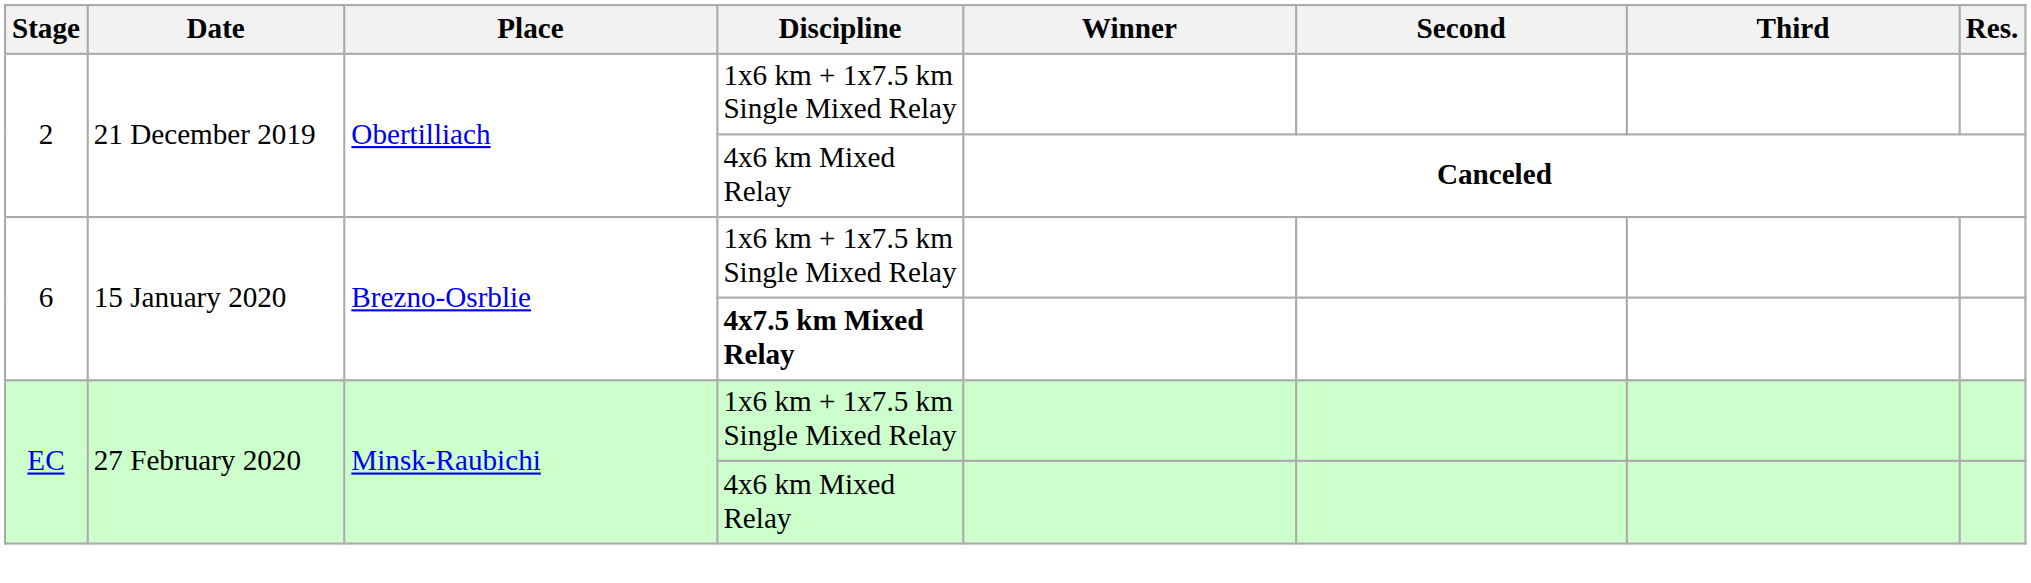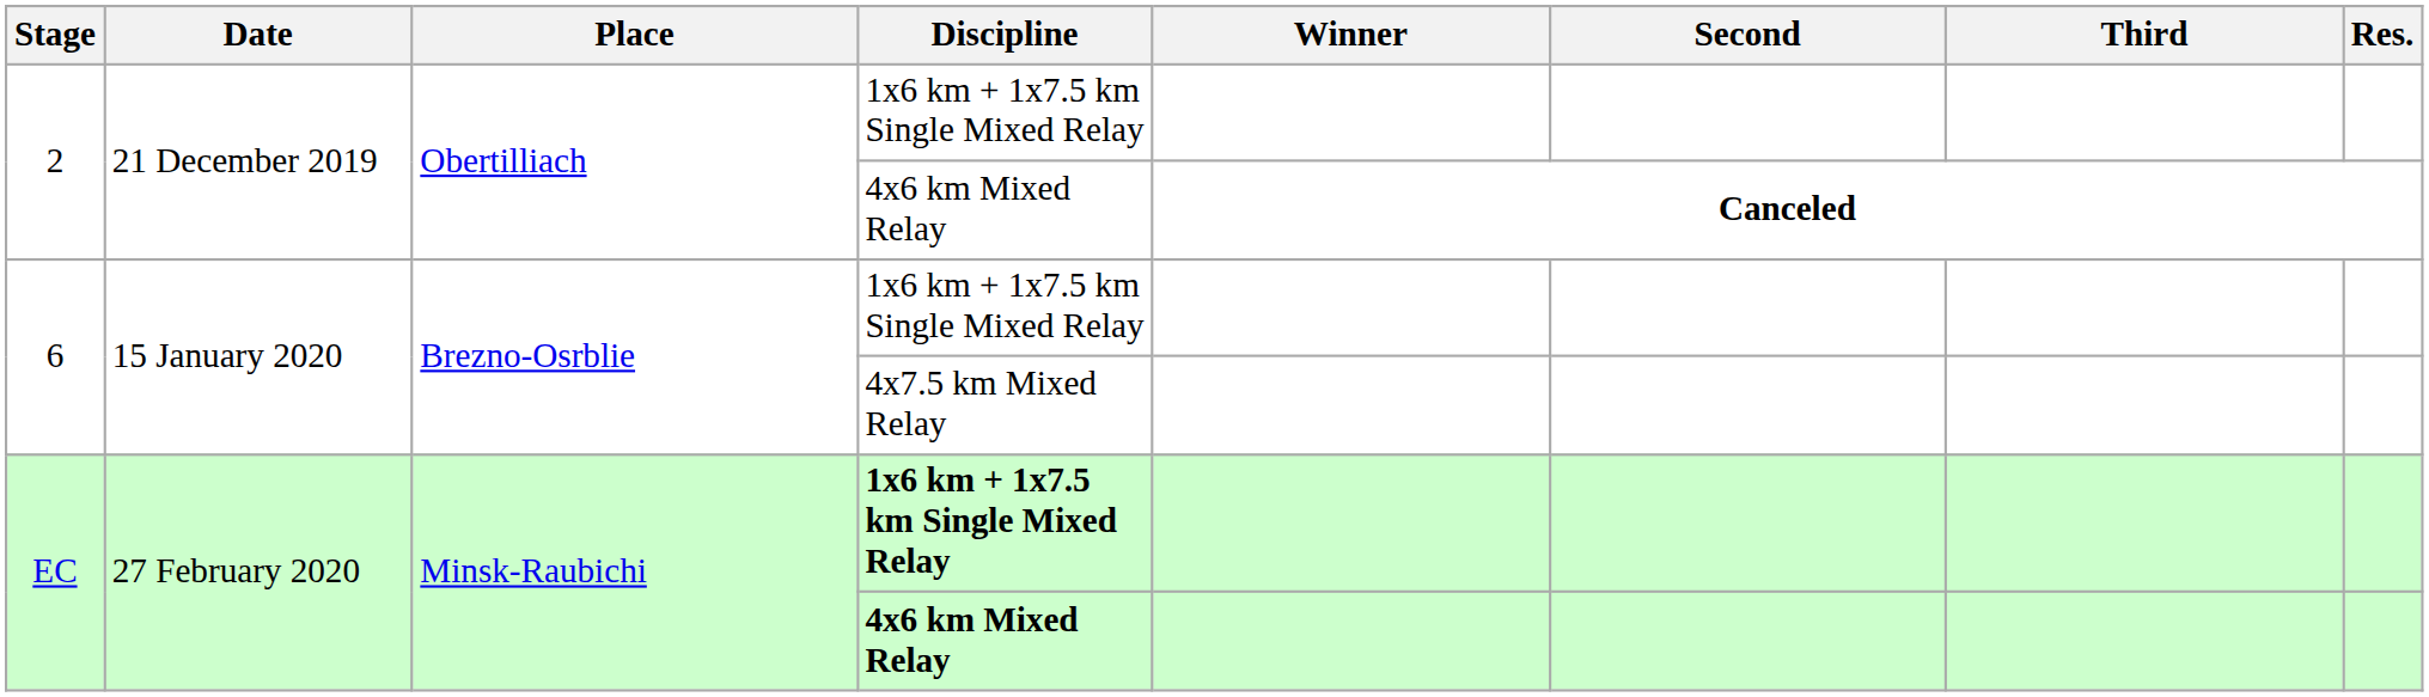 <table class="wikitable plainrowheaders" style="background:#fff; font-size:86%; line-height:16px; border:grey solid 1px; border-collapse:collapse;">
 <tr>
 <th width="20">Stage</th>
 <th width="115">Date</th>
 <th width="169">Place</th>
 <th width="110">Discipline</th>
 <th width="150">Winner</th>
 <th width="150">Second</th>
 <th width="150">Third</th>
 <th width="10">Res.</th>
 </tr>
 <tr>
 <td align=center rowspan="2">2</td>
 <td rowspan="2">21 December 2019</td>
 <td rowspan="2"> <a href='#'>Obertilliach</a></td>
 <td>1x6 km + 1x7.5 km Single Mixed Relay</td>
 <td></td>
 <td></td>
 <td></td>
 <td></td>
 </tr>
 <tr>
 <td>4x6 km Mixed Relay</td>
 <td align=center colspan="4"><strong>Canceled</strong></td>
 </tr>
 <tr>
 <td align=center rowspan="2">6</td>
 <td rowspan="2">15 January 2020</td>
 <td rowspan="2"> <a href='#'>Brezno-Osrblie</a></td>
 <td>1x6 km + 1x7.5 km Single Mixed Relay</td>
 <td></td>
 <td></td>
 <td></td>
 <td></td>
 </tr>
 <tr>
-<td><strong>4x7.5 km Mixed Relay</strong></td>
+<td>4x7.5 km Mixed Relay</td>
 <td></td>
 <td></td>
 <td></td>
 <td></td>
 </tr>
 <tr style="background:#CCFFCC">
 <td align=center rowspan="2"><a href='#'>EC</a></td>
 <td rowspan="2">27 February 2020</td>
 <td rowspan="2"> <a href='#'>Minsk-Raubichi</a></td>
-<td>1x6 km + 1x7.5 km Single Mixed Relay</td>
+<td><strong>1x6 km + 1x7.5 km Single Mixed Relay</strong></td>
 <td></td>
 <td></td>
 <td></td>
 <td></td>
 </tr>
 <tr style="background:#CCFFCC">
-<td>4x6 km Mixed Relay</td>
+<td><strong>4x6 km Mixed Relay</strong></td>
 <td></td>
 <td></td>
 <td></td>
 <td></td>
 </tr>
 </table>
